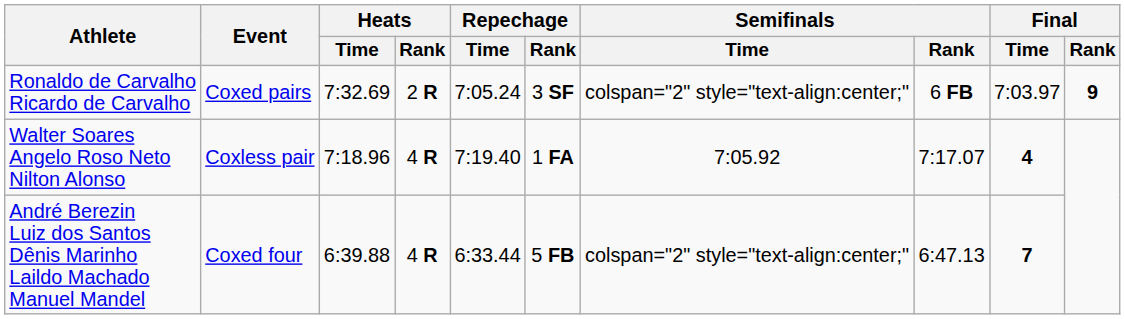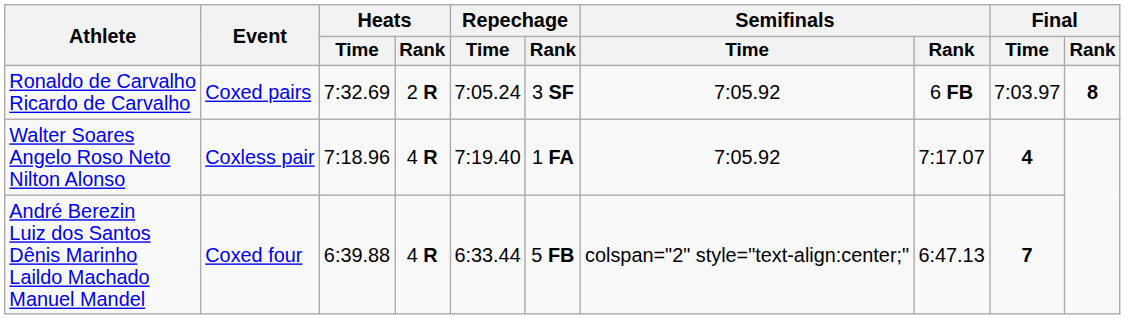 <table class="wikitable" style="font-size:90%">
 <tr>
 <th rowspan="2">Athlete</th>
 <th rowspan="2">Event</th>
 <th colspan="2">Heats</th>
 <th colspan="2">Repechage</th>
 <th colspan="2">Semifinals</th>
 <th colspan="2">Final</th>
 </tr>
 <tr style="font-size:95%">
 <th>Time</th>
 <th>Rank</th>
 <th>Time</th>
 <th>Rank</th>
 <th>Time</th>
 <th>Rank</th>
 <th>Time</th>
 <th>Rank</th>
 </tr>
 <tr align=center>
 <td align=left><a href='#'>Ronaldo de Carvalho</a><br><a href='#'>Ricardo de Carvalho</a></td>
 <td align=left><a href='#'>Coxed pairs</a></td>
 <td>7:32.69</td>
 <td>2 <strong>R</strong></td>
 <td>7:05.24</td>
 <td>3 <strong>SF</strong></td>
-<td>colspan="2" style="text-align:center;" </td>
+<td>7:05.92</td>
 <td>6 <strong>FB</strong></td>
 <td>7:03.97</td>
-<td><strong>9</strong></td>
+<td><strong>8</strong></td>
 </tr>
 <tr align=center>
 <td align=left><a href='#'>Walter Soares</a><br><a href='#'>Angelo Roso Neto</a><br><a href='#'>Nilton Alonso</a></td>
 <td align=left><a href='#'>Coxless pair</a></td>
 <td>7:18.96</td>
 <td>4 <strong>R</strong></td>
 <td>7:19.40</td>
 <td>1 <strong>FA</strong></td>
 <td>7:05.92</td>
 <td>7:17.07</td>
 <td><strong>4</strong></td>
 </tr>
 <tr align=center>
 <td align=left><a href='#'>André Berezin</a><br><a href='#'>Luiz dos Santos</a><br><a href='#'>Dênis Marinho</a><br><a href='#'>Laildo Machado</a><br><a href='#'>Manuel Mandel</a></td>
 <td align=left><a href='#'>Coxed four</a></td>
 <td>6:39.88</td>
 <td>4 <strong>R</strong></td>
 <td>6:33.44</td>
 <td>5 <strong>FB</strong></td>
 <td>colspan="2" style="text-align:center;" </td>
 <td>6:47.13</td>
 <td><strong>7</strong></td>
 </tr>
 </table>
